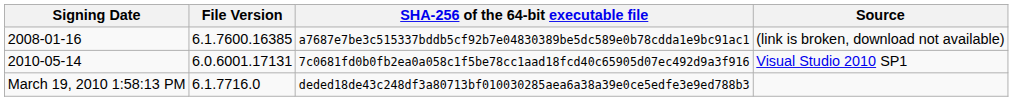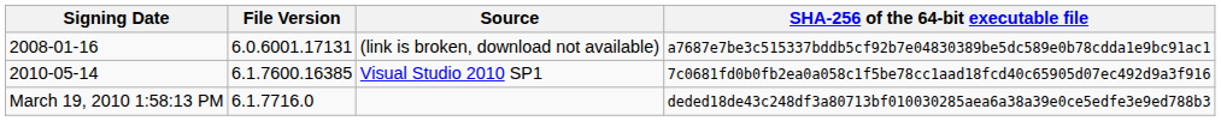 <table class="wikitable">
 <tr>
 <th>Signing Date</th>
 <th>File Version</th>
+<th>Source</th>
 <th><a href='#'>SHA-256</a> of the 64-bit <a href='#'>executable file</a></th>
-<th>Source</th>
 </tr>
 <tr>
 <td>2008-01-16</td>
-<td>6.1.7600.16385</td>
+<td>6.0.6001.17131</td>
+<td> (link is broken, download not available)</td>
 <td><code>a7687e7be3c515337bddb5cf92b7e04830389be5dc589e0b78cdda1e9bc91ac1</code></td>
-<td> (link is broken, download not available)</td>
 </tr>
 <tr>
 <td>2010-05-14</td>
-<td>6.0.6001.17131</td>
+<td>6.1.7600.16385</td>
+<td><a href='#'>Visual Studio 2010</a> SP1</td>
 <td><code>7c0681fd0b0fb2ea0a058c1f5be78cc1aad18fcd40c65905d07ec492d9a3f916</code></td>
-<td><a href='#'>Visual Studio 2010</a> SP1</td>
 </tr>
 <tr>
 <td>March 19, 2010 1:58:13 PM</td>
 <td>6.1.7716.0</td>
+<td></td>
 <td><code>deded18de43c248df3a80713bf010030285aea6a38a39e0ce5edfe3e9ed788b3</code></td>
-<td></td>
 </tr>
 </table>
